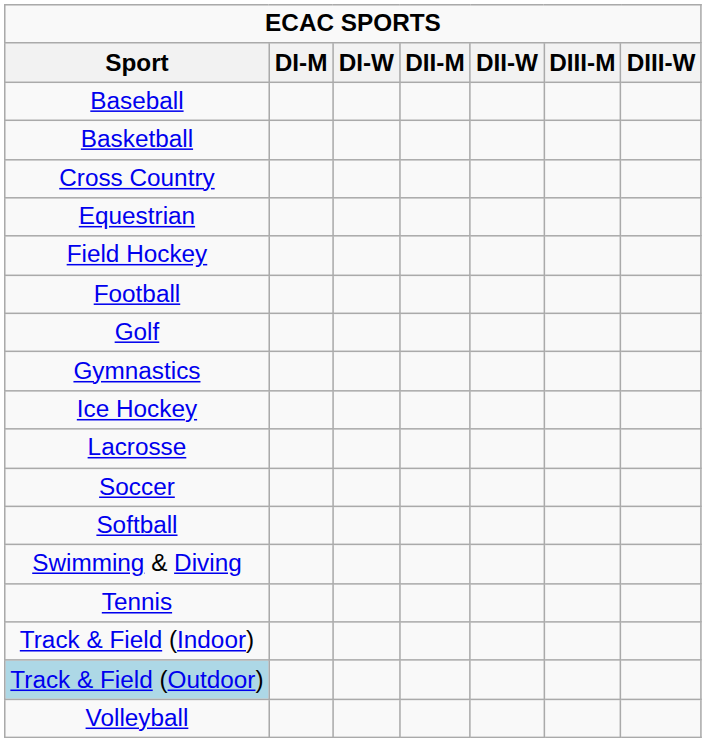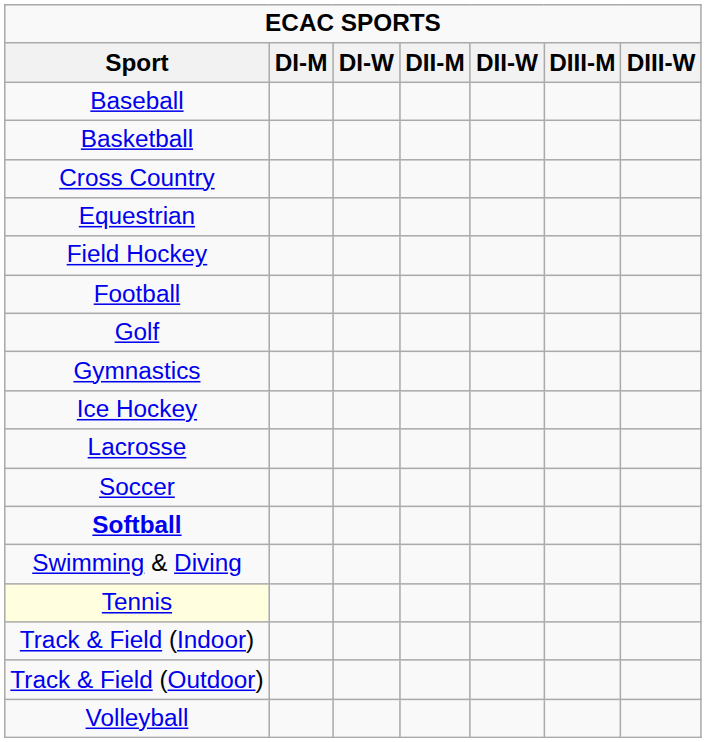 <table class="wikitable sortable" style="text-align:center; text-width:90%">
 <tr>
 <td colspan="15"><strong>ECAC SPORTS</strong></td>
 </tr>
 <tr>
 <th>Sport</th>
 <th><strong>DI-M</strong></th>
 <th><strong>DI-W</strong></th>
 <th><strong>DII-M</strong></th>
 <th><strong>DII-W</strong></th>
 <th><strong>DIII-M</strong></th>
 <th><strong>DIII-W</strong></th>
 </tr>
 <tr>
 <td><a href='#'>Baseball</a></td>
 <td></td>
 <td></td>
 <td></td>
 <td></td>
 <td></td>
 <td></td>
 </tr>
 <tr>
 <td><a href='#'>Basketball</a></td>
 <td></td>
 <td></td>
 <td></td>
 <td></td>
 <td></td>
 <td></td>
 </tr>
 <tr>
 <td><a href='#'>Cross Country</a></td>
 <td></td>
 <td></td>
 <td></td>
 <td></td>
 <td></td>
 <td></td>
 </tr>
 <tr>
 <td><a href='#'>Equestrian</a></td>
 <td></td>
 <td></td>
 <td></td>
 <td></td>
 <td></td>
 <td></td>
 </tr>
 <tr>
 <td><a href='#'>Field Hockey</a></td>
 <td></td>
 <td></td>
 <td></td>
 <td></td>
 <td></td>
 <td></td>
 </tr>
 <tr>
 <td><a href='#'>Football</a></td>
 <td></td>
 <td></td>
 <td></td>
 <td></td>
 <td></td>
 <td></td>
 </tr>
 <tr>
 <td><a href='#'>Golf</a></td>
 <td></td>
 <td></td>
 <td></td>
 <td></td>
 <td></td>
 <td></td>
 </tr>
 <tr>
 <td><a href='#'>Gymnastics</a></td>
 <td></td>
 <td></td>
 <td></td>
 <td></td>
 <td></td>
 <td></td>
 </tr>
 <tr>
 <td><a href='#'>Ice Hockey</a></td>
 <td></td>
 <td></td>
 <td></td>
 <td></td>
 <td></td>
 <td></td>
 </tr>
 <tr>
 <td><a href='#'>Lacrosse</a></td>
 <td></td>
 <td></td>
 <td></td>
 <td></td>
 <td></td>
 <td></td>
 </tr>
 <tr>
 <td><a href='#'>Soccer</a></td>
 <td></td>
 <td></td>
 <td></td>
 <td></td>
 <td></td>
 <td></td>
 </tr>
 <tr>
-<td><a href='#'>Softball</a></td>
+<td><strong><a href='#'>Softball</a></strong></td>
 <td></td>
 <td></td>
 <td></td>
 <td></td>
 <td></td>
 <td></td>
 </tr>
 <tr>
 <td><a href='#'>Swimming</a> & <a href='#'>Diving</a></td>
 <td></td>
 <td></td>
 <td></td>
 <td></td>
 <td></td>
 <td></td>
 </tr>
 <tr>
-<td><a href='#'>Tennis</a></td>
+<td style="background: lightyellow;"><a href='#'>Tennis</a></td>
 <td></td>
 <td></td>
 <td></td>
 <td></td>
 <td></td>
 <td></td>
 </tr>
 <tr>
 <td><a href='#'>Track & Field</a> (<a href='#'>Indoor</a>)</td>
 <td></td>
 <td></td>
 <td></td>
 <td></td>
 <td></td>
 <td></td>
 </tr>
 <tr>
-<td style="background: lightblue;"><a href='#'>Track & Field</a> (<a href='#'>Outdoor</a>)</td>
+<td><a href='#'>Track & Field</a> (<a href='#'>Outdoor</a>)</td>
 <td></td>
 <td></td>
 <td></td>
 <td></td>
 <td></td>
 <td></td>
 </tr>
 <tr>
 <td><a href='#'>Volleyball</a></td>
 <td></td>
 <td></td>
 <td></td>
 <td></td>
 <td></td>
 <td></td>
 </tr>
 </table>
